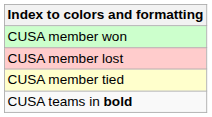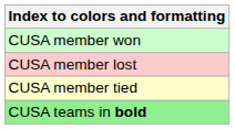 <table class="wikitable">
 <tr>
 <th>Index to colors and formatting</th>
 </tr>
 <tr style="background:#cfc;">
 <td>CUSA member won</td>
 </tr>
 <tr style="background:#fcc;">
 <td>CUSA member lost</td>
 </tr>
 <tr style="background:#ffc;">
 <td>CUSA member tied</td>
 </tr>
 <tr>
-<td>CUSA teams in <strong>bold</strong></td>
+<td style="background: lightgreen;">CUSA teams in <strong>bold</strong></td>
 </tr>
 </table>
